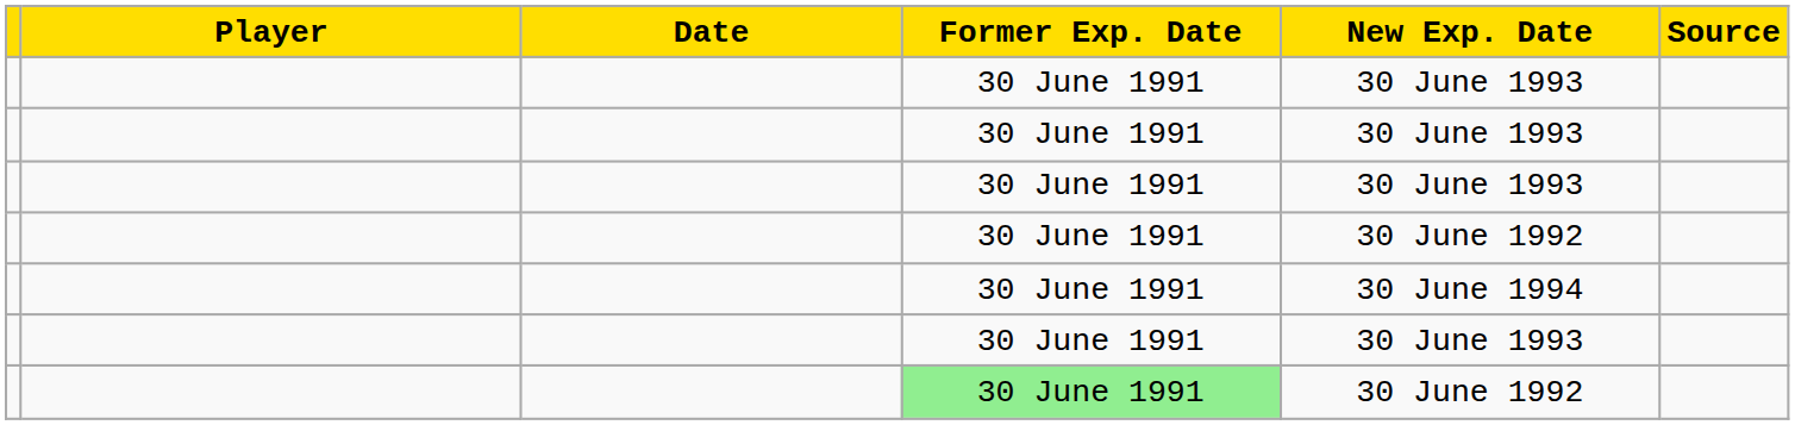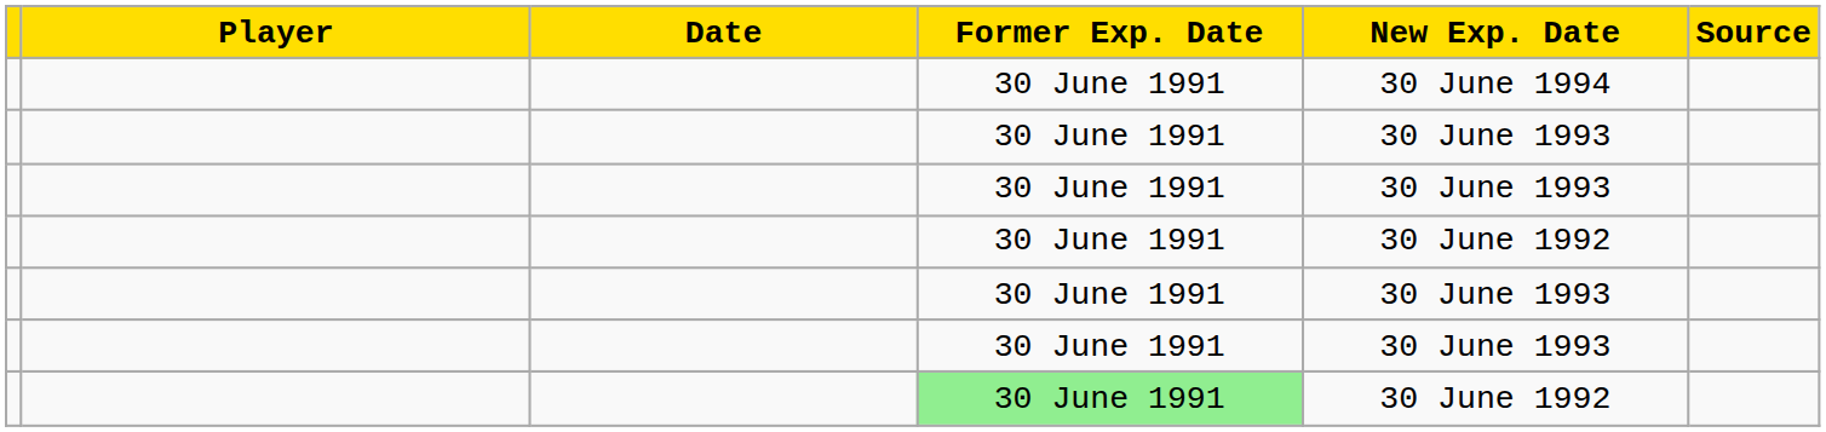 <table class="wikitable sortable">
 <tr>
 <th style="background:#FFDE00"></th>
 <th width=200 style="background:#FFDE00">Player</th>
 <th width=150 style="background:#FFDE00">Date</th>
 <th width=150 style="background:#FFDE00">Former Exp. Date</th>
 <th width=150 style="background:#FFDE00">New Exp. Date</th>
 <th style="background:#FFDE00">Source</th>
 </tr>
 <tr>
 <td align=center></td>
 <td></td>
 <td align=center></td>
 <td align=center>30 June 1991</td>
-<td align=center>30 June 1993</td>
+<td align=center>30 June 1994</td>
 <td align=center></td>
 </tr>
 <tr>
 <td align=center></td>
 <td></td>
 <td align=center></td>
 <td align=center>30 June 1991</td>
 <td align=center>30 June 1993</td>
 <td align=center></td>
 </tr>
 <tr>
 <td align=center></td>
 <td></td>
 <td align=center></td>
 <td align=center>30 June 1991</td>
 <td align=center>30 June 1993</td>
 <td align=center></td>
 </tr>
 <tr>
 <td align=center></td>
 <td></td>
 <td align=center></td>
 <td align=center>30 June 1991</td>
 <td align=center>30 June 1992</td>
 <td align=center></td>
 </tr>
 <tr>
 <td align=center></td>
 <td></td>
 <td align=center></td>
 <td align=center>30 June 1991</td>
-<td align=center>30 June 1994</td>
+<td align=center>30 June 1993</td>
 <td align=center></td>
 </tr>
 <tr>
 <td align=center></td>
 <td></td>
 <td align=center></td>
 <td align=center>30 June 1991</td>
 <td align=center>30 June 1993</td>
 <td align=center></td>
 </tr>
 <tr>
 <td align=center></td>
 <td></td>
 <td align=center></td>
 <td align=center style="background: lightgreen;">30 June 1991</td>
 <td align=center>30 June 1992</td>
 <td align=center></td>
 </tr>
 </table>
